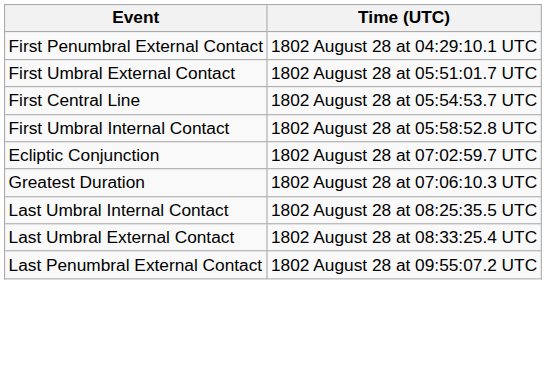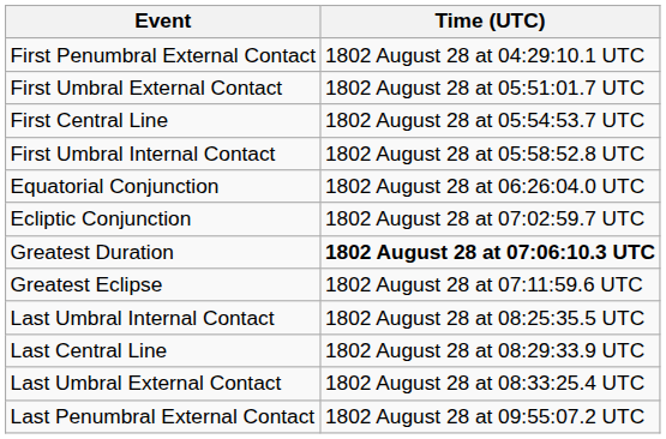 <table class="wikitable">
 <tr>
 <th>Event</th>
 <th>Time (UTC)</th>
 </tr>
 <tr>
 <td>First Penumbral External Contact</td>
 <td>1802 August 28 at 04:29:10.1 UTC</td>
 </tr>
 <tr>
 <td>First Umbral External Contact</td>
 <td>1802 August 28 at 05:51:01.7 UTC</td>
 </tr>
 <tr>
 <td>First Central Line</td>
 <td>1802 August 28 at 05:54:53.7 UTC</td>
 </tr>
 <tr>
 <td>First Umbral Internal Contact</td>
 <td>1802 August 28 at 05:58:52.8 UTC</td>
 </tr>
 <tr>
+<td>Equatorial Conjunction</td>
+<td>1802 August 28 at 06:26:04.0 UTC</td>
+</tr>
+<tr>
 <td>Ecliptic Conjunction</td>
 <td>1802 August 28 at 07:02:59.7 UTC</td>
 </tr>
 <tr>
 <td>Greatest Duration</td>
-<td>1802 August 28 at 07:06:10.3 UTC</td>
+<td><strong>1802 August 28 at 07:06:10.3 UTC</strong></td>
+</tr>
+<tr>
+<td>Greatest Eclipse</td>
+<td>1802 August 28 at 07:11:59.6 UTC</td>
 </tr>
 <tr>
 <td>Last Umbral Internal Contact</td>
 <td>1802 August 28 at 08:25:35.5 UTC</td>
+</tr>
+<tr>
+<td>Last Central Line</td>
+<td>1802 August 28 at 08:29:33.9 UTC</td>
 </tr>
 <tr>
 <td>Last Umbral External Contact</td>
 <td>1802 August 28 at 08:33:25.4 UTC</td>
 </tr>
 <tr>
 <td>Last Penumbral External Contact</td>
 <td>1802 August 28 at 09:55:07.2 UTC</td>
 </tr>
 </table>
